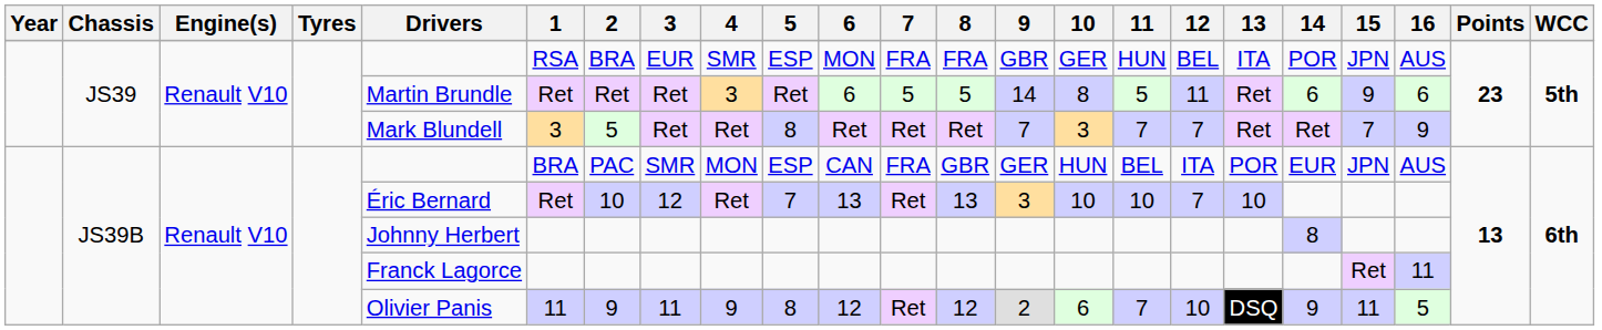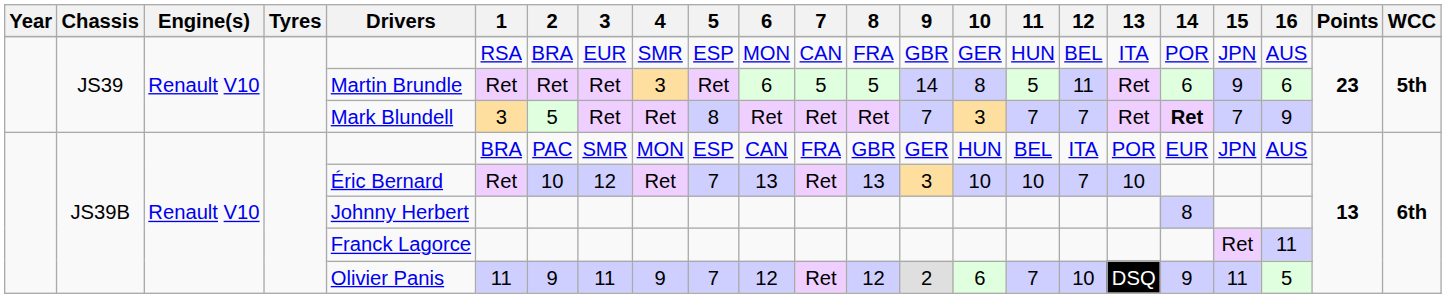 <table class="wikitable" style="text-align:center; font-size:95%">
 <tr>
 <th>Year</th>
 <th>Chassis</th>
 <th>Engine(s)</th>
 <th>Tyres</th>
 <th>Drivers</th>
 <th>1</th>
 <th>2</th>
 <th>3</th>
 <th>4</th>
 <th>5</th>
 <th>6</th>
 <th>7</th>
 <th>8</th>
 <th>9</th>
 <th>10</th>
 <th>11</th>
 <th>12</th>
 <th>13</th>
 <th>14</th>
 <th>15</th>
 <th>16</th>
 <th>Points</th>
 <th>WCC</th>
 </tr>
 <tr>
 </tr>
 <tr>
 <td rowspan="3"></td>
 <td rowspan="3">JS39</td>
 <td rowspan="3"><a href='#'>Renault</a> <a href='#'>V10</a></td>
 <td rowspan="3"></td>
 <td></td>
 <td><a href='#'>RSA</a></td>
 <td><a href='#'>BRA</a></td>
 <td><a href='#'>EUR</a></td>
 <td><a href='#'>SMR</a></td>
 <td><a href='#'>ESP</a></td>
 <td><a href='#'>MON</a></td>
-<td><a href='#'>FRA</a></td>
+<td><a href='#'>CAN</a></td>
 <td><a href='#'>FRA</a></td>
 <td><a href='#'>GBR</a></td>
 <td><a href='#'>GER</a></td>
 <td><a href='#'>HUN</a></td>
 <td><a href='#'>BEL</a></td>
 <td><a href='#'>ITA</a></td>
 <td><a href='#'>POR</a></td>
 <td><a href='#'>JPN</a></td>
 <td><a href='#'>AUS</a></td>
 <td rowspan="3"><strong>23</strong></td>
 <td rowspan="3"><strong>5th</strong></td>
 </tr>
 <tr>
 <td align="left"><a href='#'>Martin Brundle</a></td>
 <td style="background:#efcfff;">Ret</td>
 <td style="background:#efcfff;">Ret</td>
 <td style="background:#efcfff;">Ret</td>
 <td style="background:#ffdf9f;">3</td>
 <td style="background:#efcfff;">Ret</td>
 <td style="background:#dfffdf;">6</td>
 <td style="background:#dfffdf;">5</td>
 <td style="background:#dfffdf;">5</td>
 <td style="background:#cfcfff;">14</td>
 <td style="background:#cfcfff;">8</td>
 <td style="background:#dfffdf;">5</td>
 <td style="background:#cfcfff;">11</td>
 <td style="background:#efcfff;">Ret</td>
 <td style="background:#dfffdf;">6</td>
 <td style="background:#cfcfff;">9</td>
 <td style="background:#dfffdf;">6</td>
 </tr>
 <tr>
 <td align="left"><a href='#'>Mark Blundell</a></td>
 <td style="background:#ffdf9f;">3</td>
 <td style="background:#dfffdf;">5</td>
 <td style="background:#efcfff;">Ret</td>
 <td style="background:#efcfff;">Ret</td>
 <td style="background:#cfcfff;">8</td>
 <td style="background:#efcfff;">Ret</td>
 <td style="background:#efcfff;">Ret</td>
 <td style="background:#efcfff;">Ret</td>
 <td style="background:#cfcfff;">7</td>
 <td style="background:#ffdf9f;">3</td>
 <td style="background:#cfcfff;">7</td>
 <td style="background:#cfcfff;">7</td>
 <td style="background:#efcfff;">Ret</td>
-<td style="background:#efcfff;">Ret</td>
+<td style="background:#efcfff;"><strong>Ret</strong></td>
 <td style="background:#cfcfff;">7</td>
 <td style="background:#cfcfff;">9</td>
 </tr>
 <tr>
 <td rowspan="5"></td>
 <td rowspan="5">JS39B</td>
 <td rowspan="5"><a href='#'>Renault</a> <a href='#'>V10</a></td>
 <td rowspan="5"></td>
 <td></td>
 <td><a href='#'>BRA</a></td>
 <td><a href='#'>PAC</a></td>
 <td><a href='#'>SMR</a></td>
 <td><a href='#'>MON</a></td>
 <td><a href='#'>ESP</a></td>
 <td><a href='#'>CAN</a></td>
 <td><a href='#'>FRA</a></td>
 <td><a href='#'>GBR</a></td>
 <td><a href='#'>GER</a></td>
 <td><a href='#'>HUN</a></td>
 <td><a href='#'>BEL</a></td>
 <td><a href='#'>ITA</a></td>
 <td><a href='#'>POR</a></td>
 <td><a href='#'>EUR</a></td>
 <td><a href='#'>JPN</a></td>
 <td><a href='#'>AUS</a></td>
 <td rowspan="5"><strong>13</strong></td>
 <td rowspan="5"><strong>6th</strong></td>
 </tr>
 <tr>
 <td align="left"><a href='#'>Éric Bernard</a></td>
 <td style="background:#efcfff;">Ret</td>
 <td style="background:#cfcfff;">10</td>
 <td style="background:#cfcfff;">12</td>
 <td style="background:#efcfff;">Ret</td>
 <td style="background:#cfcfff;">7</td>
 <td style="background:#cfcfff;">13</td>
 <td style="background:#efcfff;">Ret</td>
 <td style="background:#cfcfff;">13</td>
 <td style="background:#ffdf9f;">3</td>
 <td style="background:#cfcfff;">10</td>
 <td style="background:#cfcfff;">10</td>
 <td style="background:#cfcfff;">7</td>
 <td style="background:#cfcfff;">10</td>
 <td></td>
 <td></td>
 <td></td>
 </tr>
 <tr>
 <td align="left"><a href='#'>Johnny Herbert</a></td>
 <td></td>
 <td></td>
 <td></td>
 <td></td>
 <td></td>
 <td></td>
 <td></td>
 <td></td>
 <td></td>
 <td></td>
 <td></td>
 <td></td>
 <td></td>
 <td style="background:#cfcfff;">8</td>
 <td></td>
 <td></td>
 </tr>
 <tr>
 <td align="left"><a href='#'>Franck Lagorce</a></td>
 <td></td>
 <td></td>
 <td></td>
 <td></td>
 <td></td>
 <td></td>
 <td></td>
 <td></td>
 <td></td>
 <td></td>
 <td></td>
 <td></td>
 <td></td>
 <td></td>
 <td style="background:#efcfff;">Ret</td>
 <td style="background:#cfcfff;">11</td>
 </tr>
 <tr>
 <td align="left"><a href='#'>Olivier Panis</a></td>
 <td style="background:#cfcfff;">11</td>
 <td style="background:#cfcfff;">9</td>
 <td style="background:#cfcfff;">11</td>
 <td style="background:#cfcfff;">9</td>
-<td style="background:#cfcfff;">8</td>
+<td style="background:#cfcfff;">7</td>
 <td style="background:#cfcfff;">12</td>
 <td style="background:#efcfff;">Ret</td>
 <td style="background:#cfcfff;">12</td>
 <td style="background:#dfdfdf;">2</td>
 <td style="background:#dfffdf;">6</td>
 <td style="background:#cfcfff;">7</td>
 <td style="background:#cfcfff;">10</td>
 <td style="background:#000; color:white;">DSQ</td>
 <td style="background:#cfcfff;">9</td>
 <td style="background:#cfcfff;">11</td>
 <td style="background:#dfffdf;">5</td>
 </tr>
 </table>
